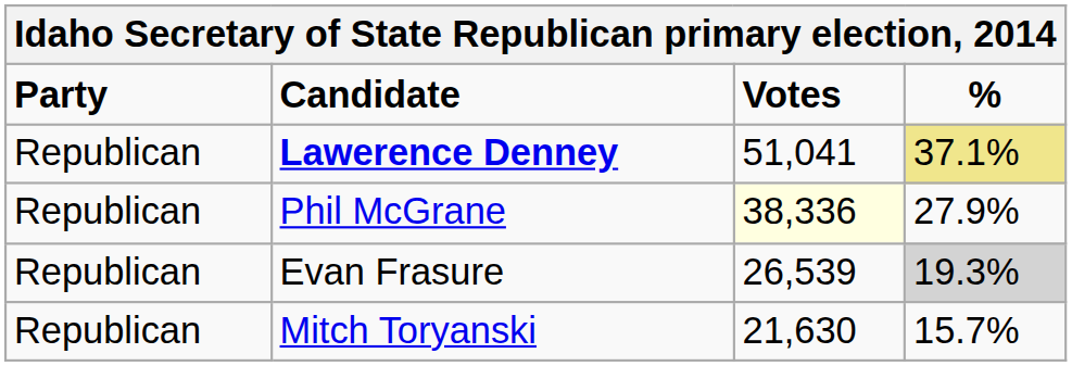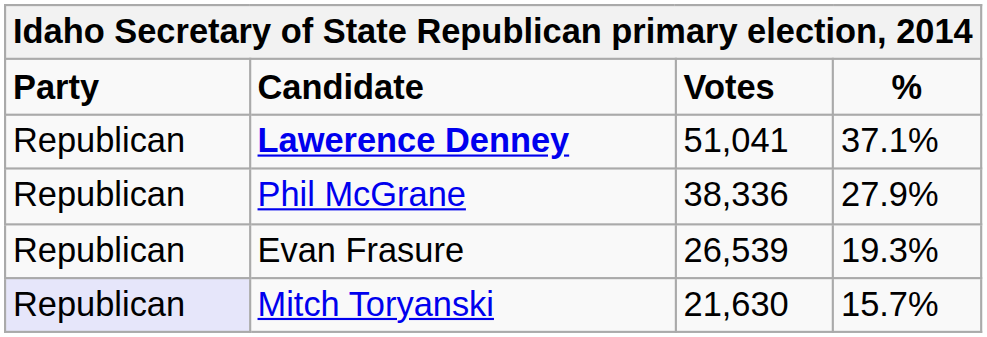 <table class="wikitable">
 <tr>
 <th colspan="4">Idaho Secretary of State Republican primary election, 2014</th>
 </tr>
 <tr>
 <td><strong>Party</strong></td>
 <td><strong>Candidate</strong></td>
 <td><strong>Votes</strong></td>
 <td align=center><strong>%</strong></td>
 </tr>
 <tr>
 <td>Republican</td>
 <td><strong><a href='#'>Lawerence Denney</a></strong></td>
 <td>51,041</td>
-<td style="background: khaki;">37.1%</td>
+<td>37.1%</td>
 </tr>
 <tr>
 <td>Republican</td>
 <td><a href='#'>Phil McGrane</a></td>
-<td style="background: lightyellow;">38,336</td>
+<td>38,336</td>
 <td>27.9%</td>
 </tr>
 <tr>
 <td>Republican</td>
 <td>Evan Frasure</td>
 <td>26,539</td>
-<td style="background: lightgrey;">19.3%</td>
+<td>19.3%</td>
 </tr>
 <tr>
-<td>Republican</td>
+<td style="background: lavender;">Republican</td>
 <td><a href='#'>Mitch Toryanski</a></td>
 <td>21,630</td>
 <td>15.7%</td>
 </tr>
 </table>
